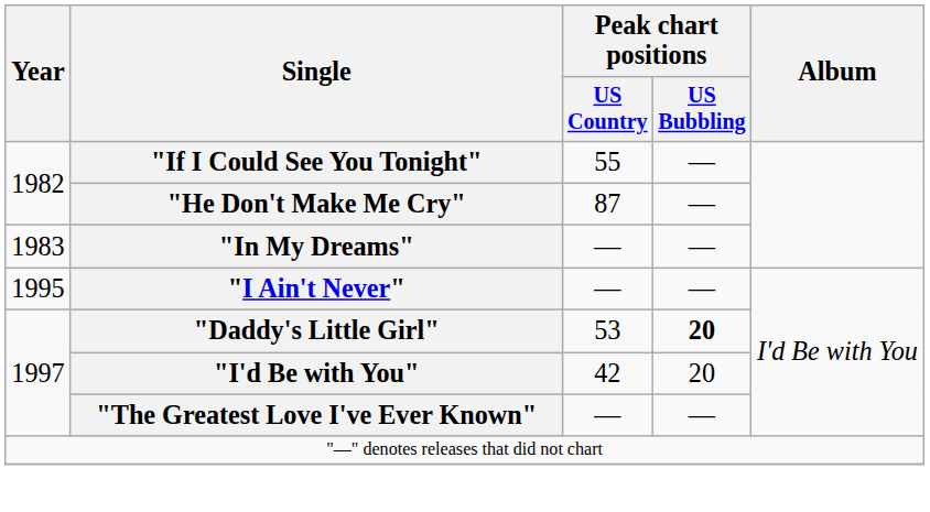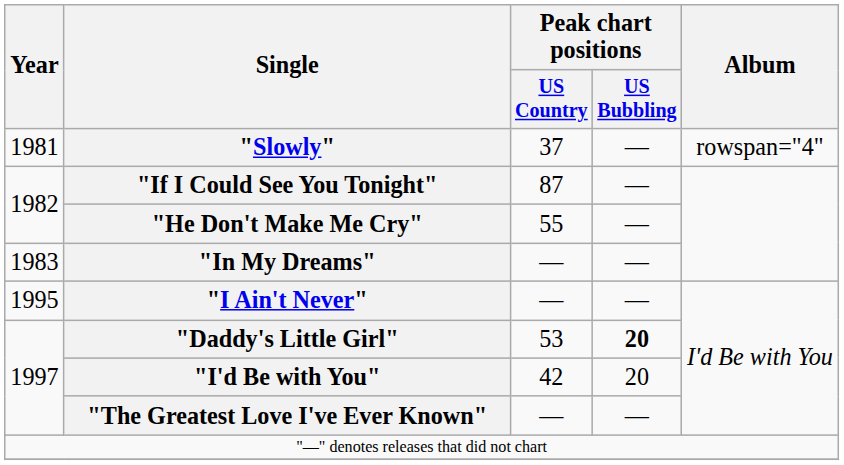 <table class="wikitable plainrowheaders" style="text-align:center;">
 <tr>
 <th rowspan="2">Year</th>
 <th rowspan="2" style="width:18em;">Single</th>
 <th colspan="2">Peak chart<br>positions</th>
 <th rowspan="2">Album</th>
 </tr>
 <tr style="font-size:smaller;">
 <th width="45"><a href='#'>US Country</a></th>
 <th width="45"><a href='#'>US Bubbling</a></th>
 </tr>
 <tr>
+<td>1981</td>
+<th scope="row">"<a href='#'>Slowly</a>"</th>
+<td>37</td>
+<td>—</td>
+<td>rowspan="4" </td>
+</tr>
+<tr>
 <td rowspan="2">1982</td>
 <th scope="row">"If I Could See You Tonight"</th>
-<td>55</td>
+<td>87</td>
 <td>—</td>
 </tr>
 <tr>
 <th scope="row">"He Don't Make Me Cry"</th>
-<td>87</td>
+<td>55</td>
 <td>—</td>
 </tr>
 <tr>
 <td>1983</td>
 <th scope="row">"In My Dreams"</th>
 <td>—</td>
 <td>—</td>
 </tr>
 <tr>
 <td>1995</td>
 <th scope="row">"<a href='#'>I Ain't Never</a>"</th>
 <td>—</td>
 <td>—</td>
 <td align="left" rowspan="4"><em>I'd Be with You</em></td>
 </tr>
 <tr>
 <td rowspan="3">1997</td>
 <th scope="row">"Daddy's Little Girl"</th>
 <td>53</td>
 <td><strong>20</strong></td>
 </tr>
 <tr>
 <th scope="row">"I'd Be with You"</th>
 <td>42</td>
 <td>20</td>
 </tr>
 <tr>
 <th scope="row">"The Greatest Love I've Ever Known"</th>
 <td>—</td>
 <td>—</td>
 </tr>
 <tr>
 <td colspan="5" style="font-size:8pt">"—" denotes releases that did not chart</td>
 </tr>
 <tr>
 </tr>
 </table>
